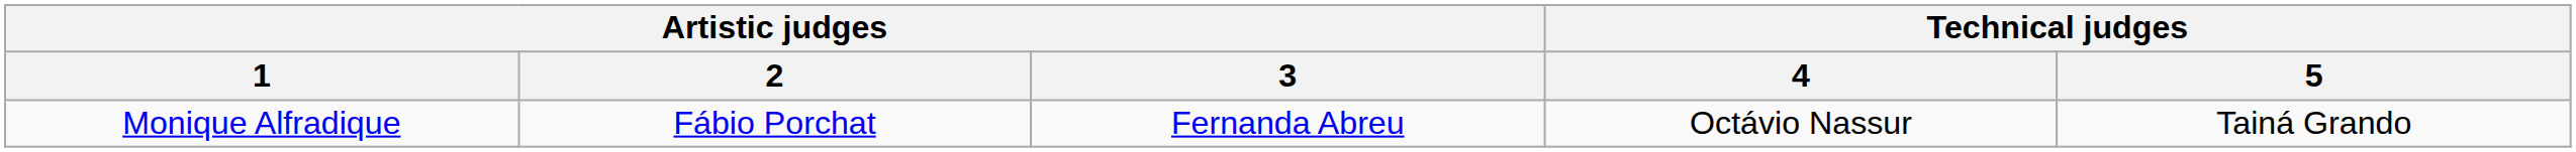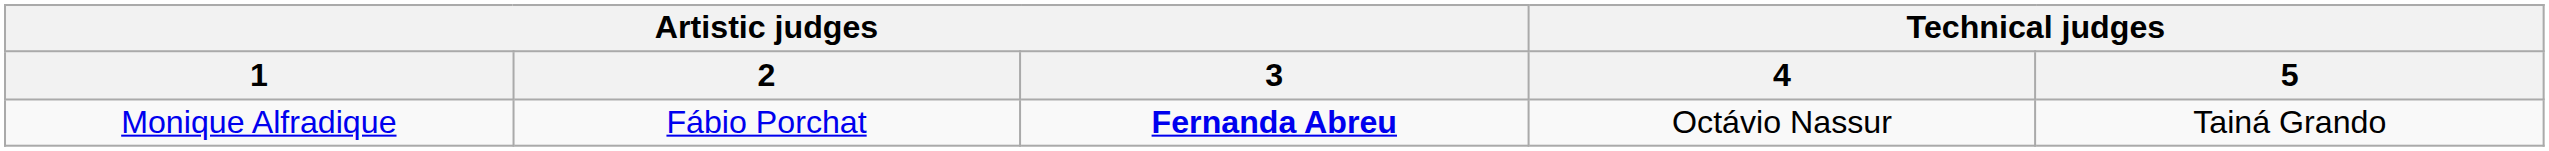 <table class="wikitable" style="font-size:100%; line-height:16px; text-align:center" width="100%">
 <tr>
 <th colspan=3>Artistic judges</th>
 <th colspan=2>Technical judges</th>
 </tr>
 <tr>
 <th width="20.0%">1</th>
 <th width="20.0%">2</th>
 <th width="20.0%">3</th>
 <th width="20.0%">4</th>
 <th width="20.0%">5</th>
 </tr>
 <tr>
 <td><a href='#'>Monique Alfradique</a></td>
 <td><a href='#'>Fábio Porchat</a></td>
-<td><a href='#'>Fernanda Abreu</a></td>
+<td><strong><a href='#'>Fernanda Abreu</a></strong></td>
 <td>Octávio Nassur</td>
 <td>Tainá Grando</td>
 </tr>
 </table>
